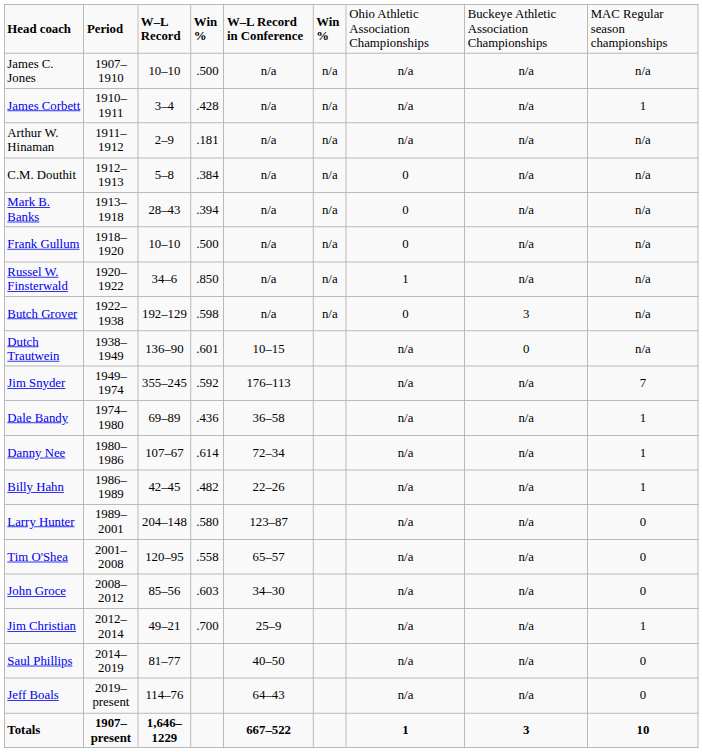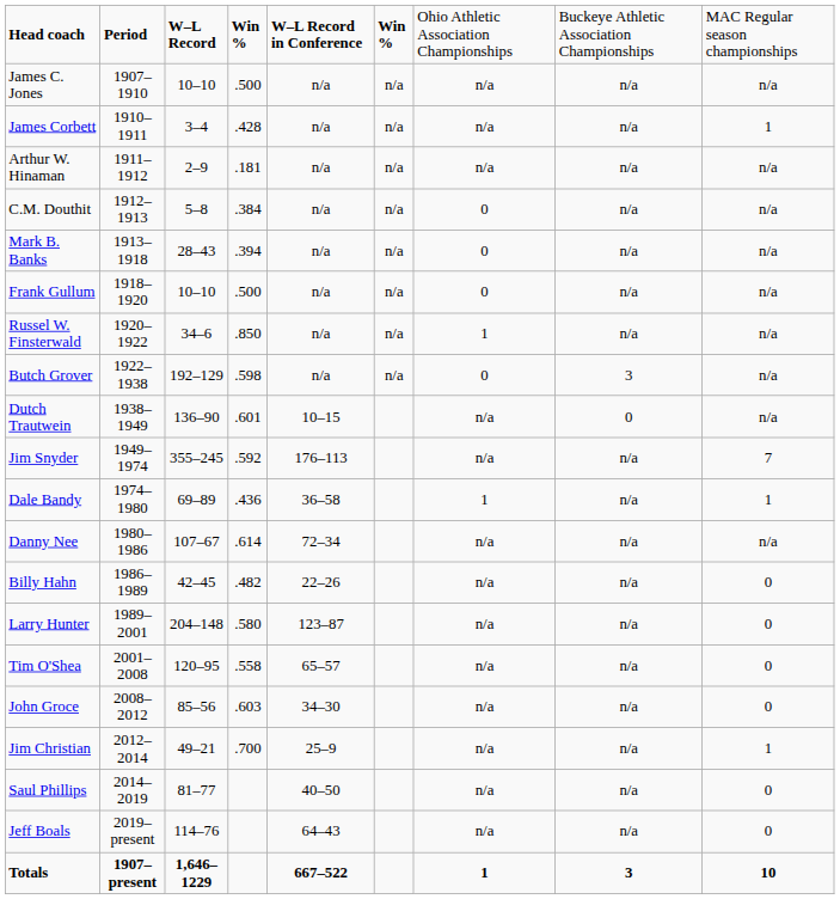 <table class="wikitable">
 <tr>
 <td><span><strong>Head coach</strong></span></td>
 <td><span><strong>Period</strong></span></td>
 <td><span><strong>W–L  Record</strong></span></td>
 <td><span><strong>Win %</strong></span></td>
 <td><span><strong>W–L  Record in Conference</strong></span></td>
 <td><span><strong>Win %</strong></span></td>
 <td><span> Ohio Athletic Association Championships</span></td>
 <td><span> Buckeye Athletic Association Championships</span></td>
 <td><span>MAC Regular season championships</span></td>
 </tr>
 <tr>
 <td>James C. Jones</td>
 <td align=center>1907–1910</td>
 <td align=center>10–10</td>
 <td align=center>.500</td>
 <td align=center>n/a</td>
 <td align=center>n/a</td>
 <td align=center>n/a</td>
 <td align=center>n/a</td>
 <td align=center>n/a</td>
 </tr>
 <tr>
 <td><a href='#'>James Corbett</a></td>
 <td align=center>1910–1911</td>
 <td align=center>3–4</td>
 <td align=center>.428</td>
 <td align=center>n/a</td>
 <td align=center>n/a</td>
 <td align=center>n/a</td>
 <td align=center>n/a</td>
 <td align=center>1</td>
 </tr>
 <tr>
 <td>Arthur W. Hinaman</td>
 <td align=center>1911–1912</td>
 <td align=center>2–9</td>
 <td align=center>.181</td>
 <td align=center>n/a</td>
 <td align=center>n/a</td>
 <td align=center>n/a</td>
 <td align=center>n/a</td>
 <td align=center>n/a</td>
 </tr>
 <tr>
 <td>C.M. Douthit</td>
 <td align=center>1912–1913</td>
 <td align=center>5–8</td>
 <td align=center>.384</td>
 <td align=center>n/a</td>
 <td align=center>n/a</td>
 <td align=center>0</td>
 <td align=center>n/a</td>
 <td align=center>n/a</td>
 </tr>
 <tr>
 <td><a href='#'>Mark B. Banks</a></td>
 <td align=center>1913–1918</td>
 <td align=center>28–43</td>
 <td align=center>.394</td>
 <td align=center>n/a</td>
 <td align=center>n/a</td>
 <td align=center>0</td>
 <td align=center>n/a</td>
 <td align=center>n/a</td>
 </tr>
 <tr>
 <td><a href='#'>Frank Gullum</a></td>
 <td align=center>1918–1920</td>
 <td align=center>10–10</td>
 <td align=center>.500</td>
 <td align=center>n/a</td>
 <td align=center>n/a</td>
 <td align=center>0</td>
 <td align=center>n/a</td>
 <td style="text-align:center;">n/a</td>
 </tr>
 <tr>
 <td><a href='#'>Russel W. Finsterwald</a></td>
 <td align=center>1920–1922</td>
 <td align=center>34–6</td>
 <td align=center>.850</td>
 <td align=center>n/a</td>
 <td align=center>n/a</td>
 <td align=center>1</td>
 <td align=center>n/a</td>
 <td align=center>n/a</td>
 </tr>
 <tr>
 <td><a href='#'>Butch Grover</a></td>
 <td align=center>1922–1938</td>
 <td align=center>192–129</td>
 <td align=center>.598</td>
 <td align=center>n/a</td>
 <td align=center>n/a</td>
 <td align=center>0</td>
 <td align=center>3</td>
 <td align=center>n/a</td>
 </tr>
 <tr>
 <td><a href='#'>Dutch Trautwein</a></td>
 <td align=center>1938–1949</td>
 <td align=center>136–90</td>
 <td align=center>.601</td>
 <td align="center">10–15</td>
 <td align="center"></td>
 <td align=center>n/a</td>
 <td align=center>0</td>
 <td align=center>n/a</td>
 </tr>
 <tr>
 <td><a href='#'>Jim Snyder</a></td>
 <td align=center>1949–1974</td>
 <td align=center>355–245</td>
 <td align=center>.592</td>
 <td align="center">176–113</td>
 <td align="center"></td>
 <td align=center>n/a</td>
 <td align=center>n/a</td>
 <td align=center>7</td>
 </tr>
 <tr>
 <td><a href='#'>Dale Bandy</a></td>
 <td align=center>1974–1980</td>
 <td align=center>69–89</td>
 <td align=center>.436</td>
 <td align="center">36–58</td>
 <td align="center"></td>
-<td align=center>n/a</td>
+<td align=center>1</td>
 <td align=center>n/a</td>
 <td align=center>1</td>
 </tr>
 <tr>
 <td><a href='#'>Danny Nee</a></td>
 <td align=center>1980–1986</td>
 <td align=center>107–67</td>
 <td align=center>.614</td>
 <td align="center">72–34</td>
 <td align="center"></td>
 <td align=center>n/a</td>
 <td align=center>n/a</td>
-<td align=center>1</td>
+<td align=center>n/a</td>
 </tr>
 <tr>
 <td><a href='#'>Billy Hahn</a></td>
 <td align=center>1986–1989</td>
 <td align=center>42–45</td>
 <td align=center>.482</td>
 <td align="center">22–26</td>
 <td align="center"></td>
 <td align=center>n/a</td>
 <td align=center>n/a</td>
-<td align=center>1</td>
+<td align=center>0</td>
 </tr>
 <tr>
 <td><a href='#'>Larry Hunter</a></td>
 <td align=center>1989–2001</td>
 <td align=center>204–148</td>
 <td align=center>.580</td>
 <td align="center">123–87</td>
 <td align="center"></td>
 <td align=center>n/a</td>
 <td align=center>n/a</td>
 <td align=center>0</td>
 </tr>
 <tr>
 <td><a href='#'>Tim O'Shea</a></td>
 <td align=center>2001–2008</td>
 <td align=center>120–95</td>
 <td align=center>.558</td>
 <td align="center">65–57</td>
 <td align="center"></td>
 <td align=center>n/a</td>
 <td align=center>n/a</td>
 <td align=center>0</td>
 </tr>
 <tr>
 <td><a href='#'>John Groce</a></td>
 <td align=center>2008–2012</td>
 <td align=center>85–56</td>
 <td align=center>.603</td>
 <td align="center">34–30</td>
 <td align="center"></td>
 <td align=center>n/a</td>
 <td align=center>n/a</td>
 <td align=center>0</td>
 </tr>
 <tr>
 <td><a href='#'>Jim Christian</a></td>
 <td align=center>2012–2014</td>
 <td align=center>49–21</td>
 <td align=center>.700</td>
 <td align="center">25–9</td>
 <td align="center"></td>
 <td align=center>n/a</td>
 <td align=center>n/a</td>
 <td align=center>1</td>
 </tr>
 <tr>
 <td><a href='#'>Saul Phillips</a></td>
 <td align=center>2014–2019</td>
 <td align="center">81–77</td>
 <td align="center"></td>
 <td align="center">40–50</td>
 <td align="center"></td>
 <td align="center">n/a</td>
 <td align=center>n/a</td>
 <td align=center>0</td>
 </tr>
 <tr>
 <td><a href='#'>Jeff Boals</a></td>
 <td align=center>2019–present</td>
 <td align="center">114–76</td>
 <td align="center"></td>
 <td align="center">64–43</td>
 <td align="center"></td>
 <td align="center">n/a</td>
 <td align=center>n/a</td>
 <td align=center>0</td>
 </tr>
 <tr>
 <td><strong>Totals</strong></td>
 <td align=center><strong>1907–present</strong></td>
 <td align=center><strong>1,646–1229</strong></td>
 <td align=center><strong></strong></td>
 <td align=center><strong>667–522</strong></td>
 <td align=center><strong></strong></td>
 <td align=center><strong>1</strong></td>
 <td align=center><strong>3</strong></td>
 <td align=center><strong>10</strong></td>
 </tr>
 </table>
